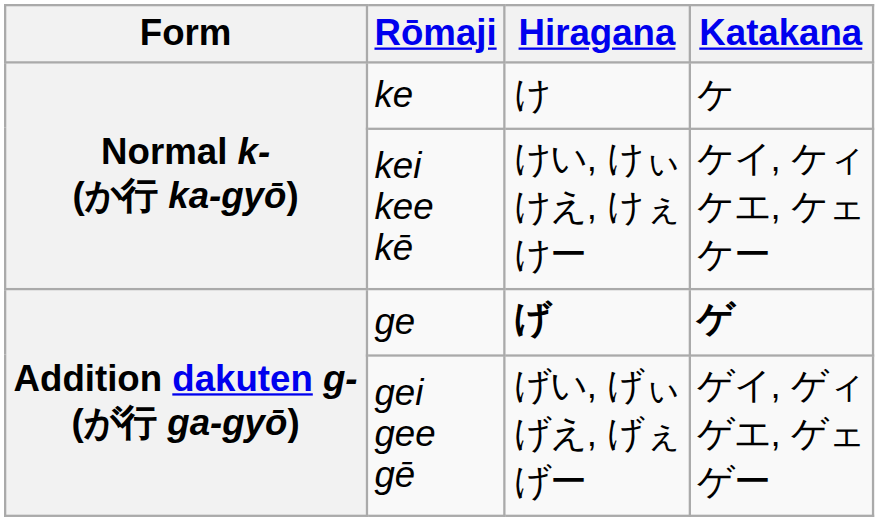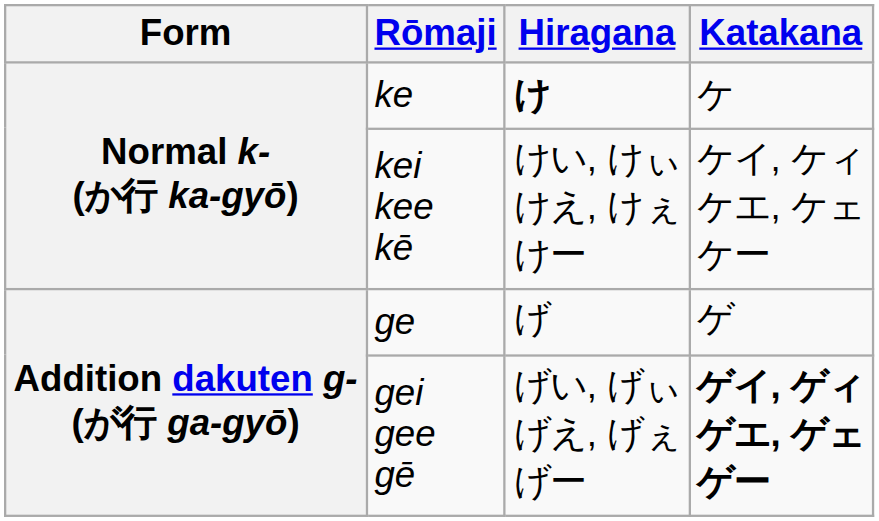 <table class="wikitable">
 <tr>
 <th>Form</th>
 <th><a href='#'>Rōmaji</a></th>
 <th><a href='#'>Hiragana</a></th>
 <th><a href='#'>Katakana</a></th>
 </tr>
 <tr>
 <th rowspan="2">Normal <em>k-</em><br>(か行 <em>ka-gyō</em>)</th>
 <td><em>ke</em></td>
-<td>け</td>
+<td><strong>け</strong></td>
 <td>ケ</td>
 </tr>
 <tr>
 <td><em>kei</em><br><em>kee</em><br><em>kē</em></td>
 <td>けい, けぃ<br>けえ, けぇ<br>けー</td>
 <td>ケイ, ケィ<br>ケエ, ケェ<br>ケー</td>
 </tr>
 <tr>
 <th rowspan="2">Addition <a href='#'>dakuten</a> <em>g-</em><br>(が行 <em>ga-gyō</em>)</th>
 <td><em>ge</em></td>
-<td><strong>げ</strong></td>
-<td><strong>ゲ</strong></td>
+<td>げ</td>
+<td>ゲ</td>
 </tr>
 <tr>
 <td><em>gei</em><br><em>gee</em><br><em>gē</em></td>
 <td>げい, げぃ<br>げえ, げぇ<br>げー</td>
-<td>ゲイ, ゲィ<br>ゲエ, ゲェ<br>ゲー</td>
+<td><strong>ゲイ, ゲィ<br>ゲエ, ゲェ<br>ゲー</strong></td>
 </tr>
 </table>
